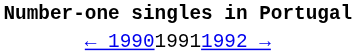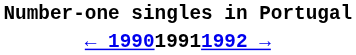 <table class="toc" id="toc" summary="Contents">
 <tr>
 <th>Number-one singles in Portugal</th>
 </tr>
 <tr>
-<td align="center"><a href='#'>← 1990</a>1991<a href='#'>1992 →</a></td>
+<td align="center"><strong><a href='#'>← 1990</a>1991<a href='#'>1992 →</a></strong></td>
 </tr>
 </table>
